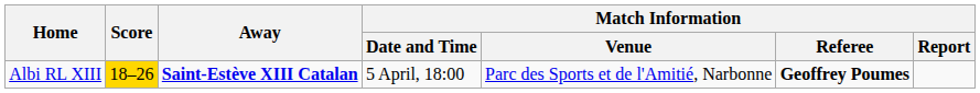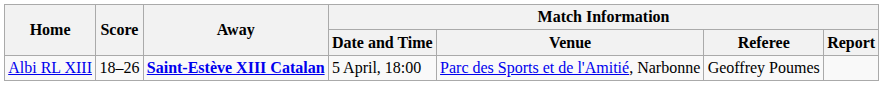 <table class="wikitable defaultcenter col1left col3left">
 <tr>
 <th scope="col" rowspan=2>Home</th>
 <th scope="col" rowspan=2>Score</th>
 <th scope="col" rowspan=2>Away</th>
 <th scope="col" colspan=4>Match Information</th>
 </tr>
 <tr>
 <th scope="col">Date and Time</th>
 <th scope="col">Venue</th>
 <th scope="col">Referee</th>
 <th scope="col">Report</th>
 </tr>
 <tr>
 <td> <a href='#'>Albi RL XIII</a></td>
-<td style="background: gold;">18–26</td>
+<td>18–26</td>
 <td> <strong><a href='#'>Saint-Estève XIII Catalan</a></strong></td>
 <td>5 April, 18:00</td>
 <td><a href='#'>Parc des Sports et de l'Amitié</a>, Narbonne</td>
-<td><strong>Geoffrey Poumes</strong></td>
+<td>Geoffrey Poumes</td>
 <td></td>
 </tr>
 </table>
